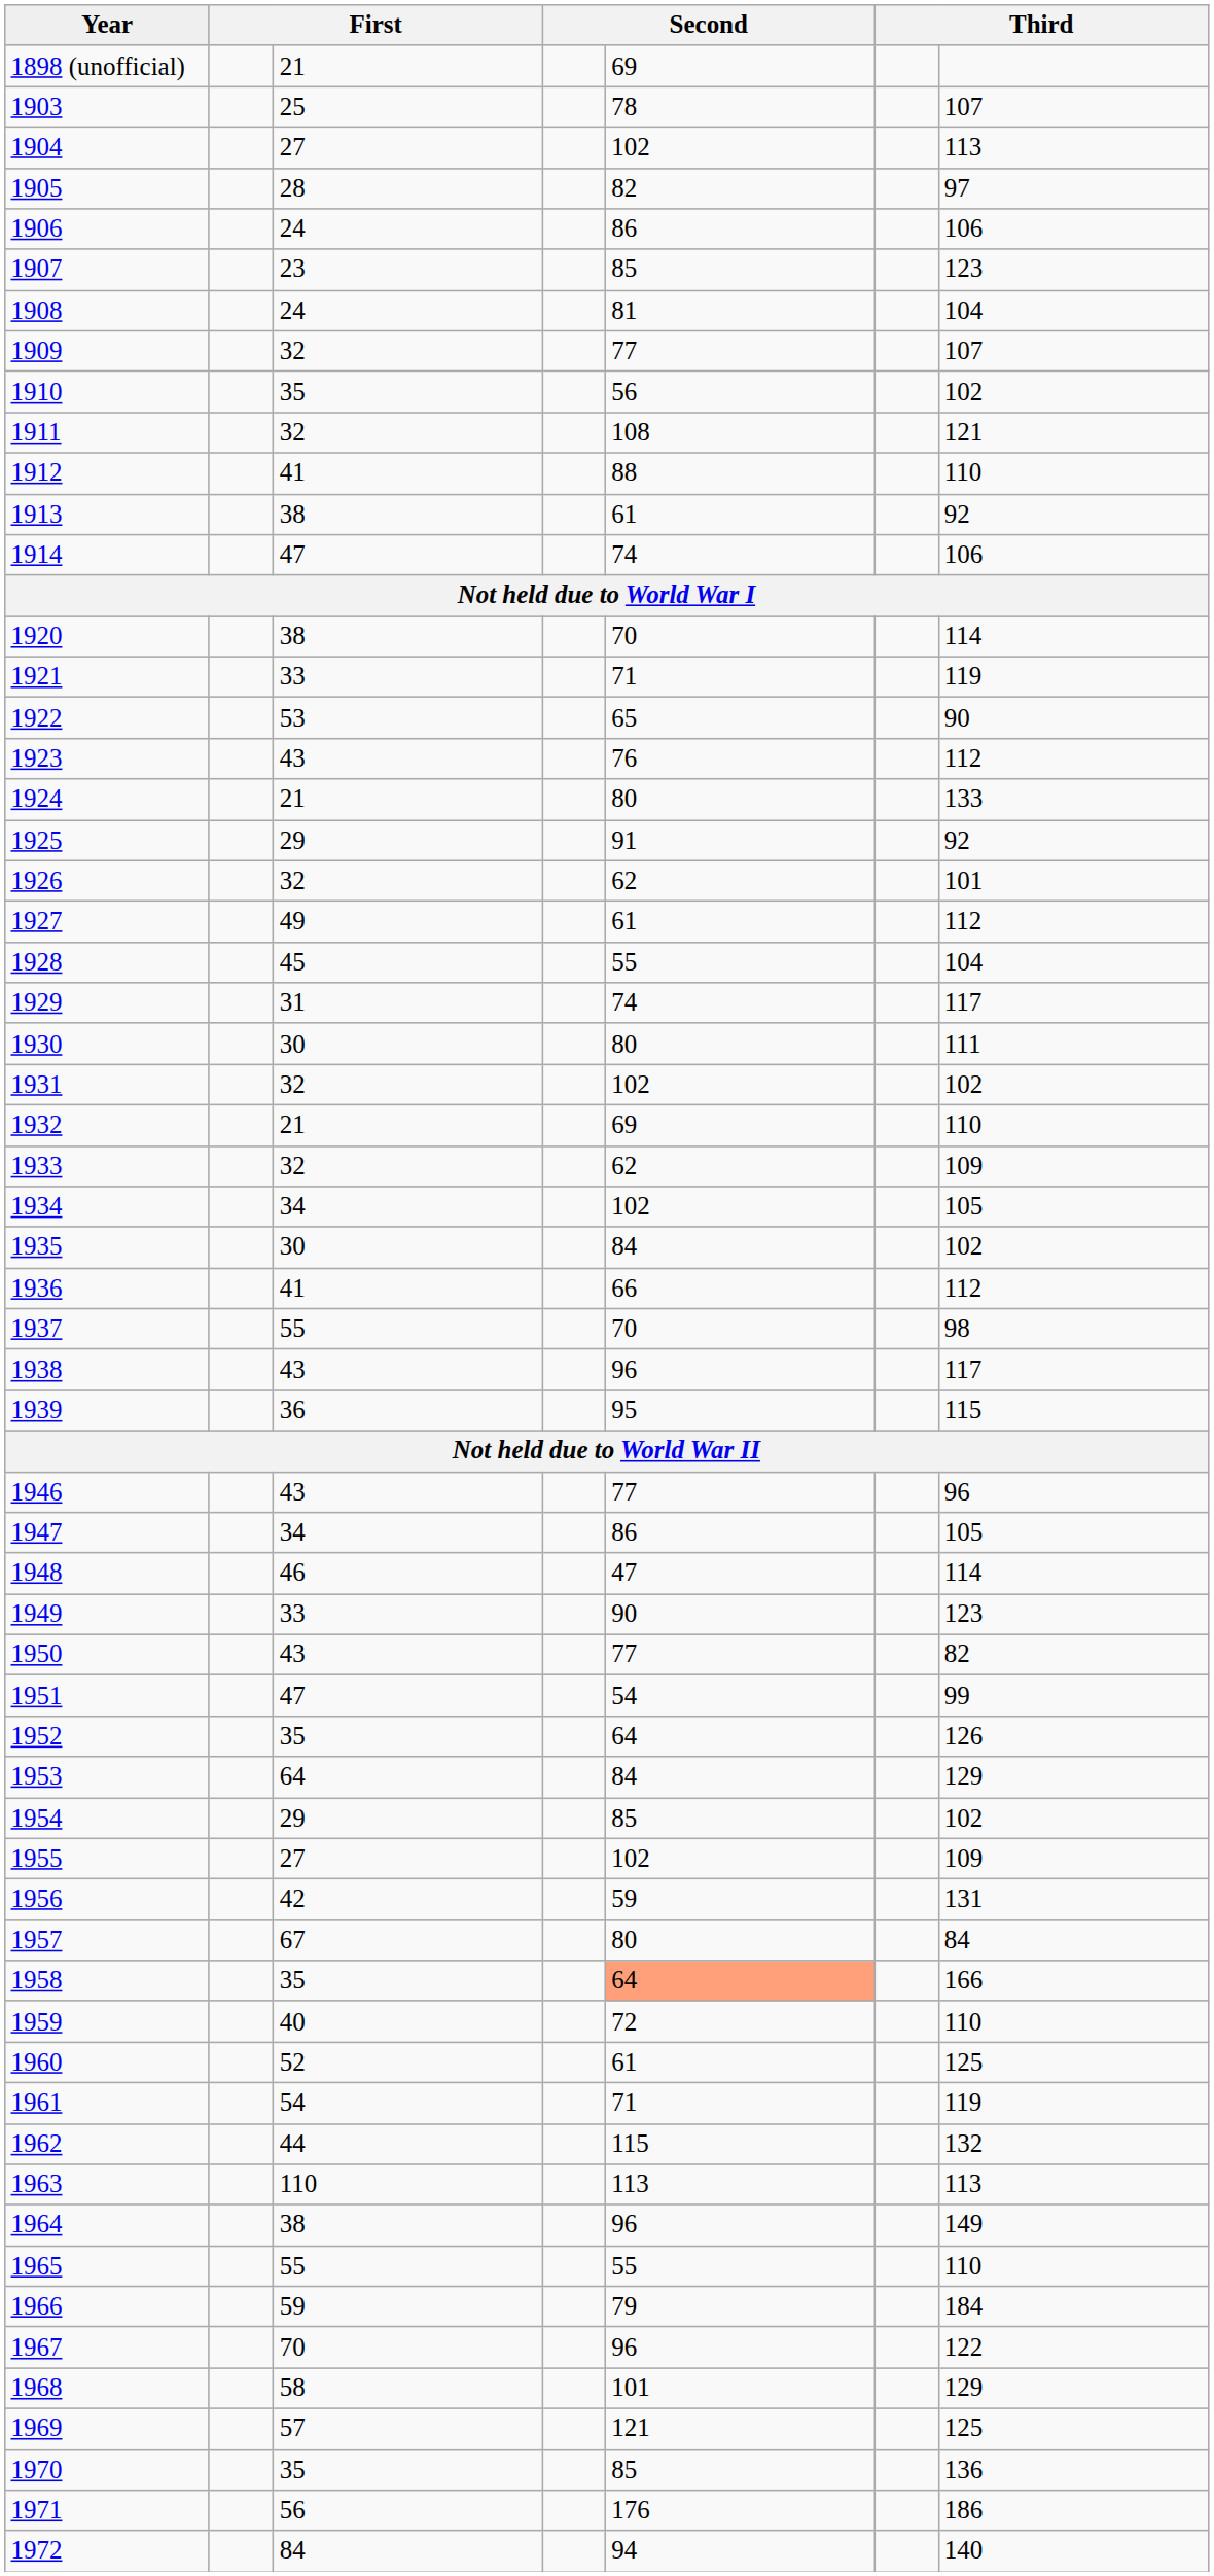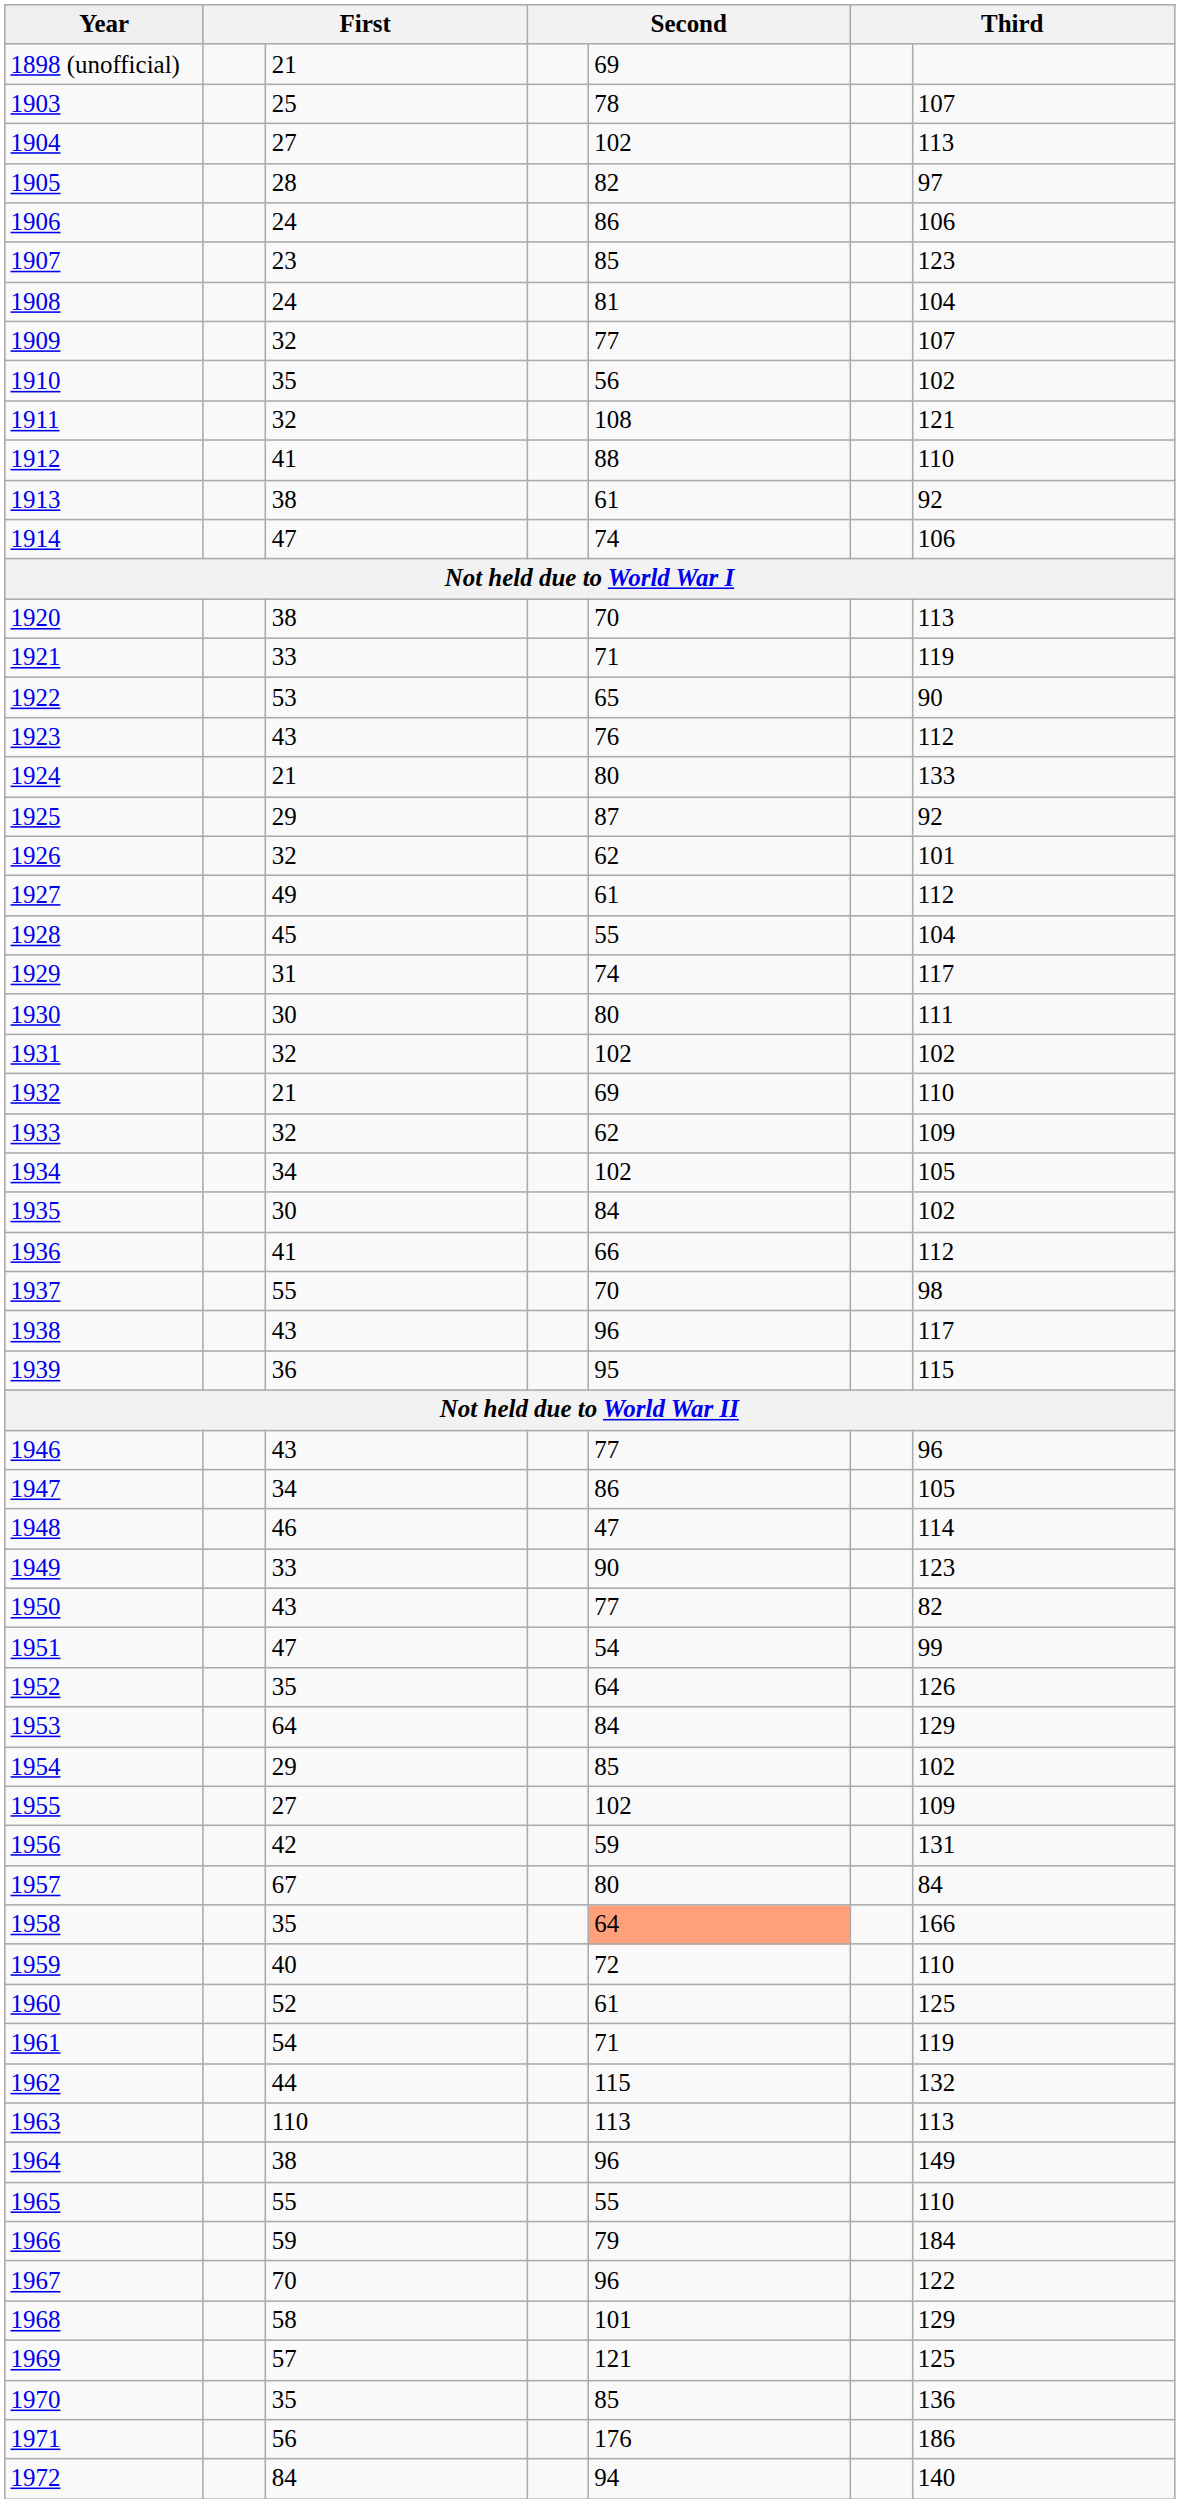 <table class="wikitable" border="1" style="font-size:100%">
 <tr align=center>
 <th scope=col style="width:120px; background: #efefef;">Year</th>
 <th scope=col colspan=2 style="width:200px;"> First</th>
 <th scope=col colspan=2 style="width:200px;"> Second</th>
 <th scope=col colspan=2 style="width:200px;"> Third</th>
 </tr>
 <tr>
 <td><a href='#'>1898</a> (unofficial)</td>
 <td></td>
 <td>21</td>
 <td></td>
 <td>69</td>
 <td></td>
 <td></td>
 </tr>
 <tr>
 <td><a href='#'>1903</a></td>
 <td></td>
 <td>25</td>
 <td></td>
 <td>78</td>
 <td></td>
 <td>107</td>
 </tr>
 <tr>
 <td><a href='#'>1904</a></td>
 <td></td>
 <td>27</td>
 <td></td>
 <td>102</td>
 <td></td>
 <td>113</td>
 </tr>
 <tr>
 <td><a href='#'>1905</a></td>
 <td></td>
 <td>28</td>
 <td></td>
 <td>82</td>
 <td></td>
 <td>97</td>
 </tr>
 <tr>
 <td><a href='#'>1906</a></td>
 <td></td>
 <td>24</td>
 <td></td>
 <td>86</td>
 <td></td>
 <td>106</td>
 </tr>
 <tr>
 <td><a href='#'>1907</a></td>
 <td></td>
 <td>23</td>
 <td></td>
 <td>85</td>
 <td></td>
 <td>123</td>
 </tr>
 <tr>
 <td><a href='#'>1908</a></td>
 <td></td>
 <td>24</td>
 <td></td>
 <td>81</td>
 <td></td>
 <td>104</td>
 </tr>
 <tr>
 <td><a href='#'>1909</a></td>
 <td></td>
 <td>32</td>
 <td></td>
 <td>77</td>
 <td></td>
 <td>107</td>
 </tr>
 <tr>
 <td><a href='#'>1910</a></td>
 <td></td>
 <td>35</td>
 <td></td>
 <td>56</td>
 <td></td>
 <td>102</td>
 </tr>
 <tr>
 <td><a href='#'>1911</a></td>
 <td></td>
 <td>32</td>
 <td></td>
 <td>108</td>
 <td></td>
 <td>121</td>
 </tr>
 <tr>
 <td><a href='#'>1912</a></td>
 <td></td>
 <td>41</td>
 <td></td>
 <td>88</td>
 <td></td>
 <td>110</td>
 </tr>
 <tr>
 <td><a href='#'>1913</a></td>
 <td></td>
 <td>38</td>
 <td></td>
 <td>61</td>
 <td></td>
 <td>92</td>
 </tr>
 <tr>
 <td><a href='#'>1914</a></td>
 <td></td>
 <td>47</td>
 <td></td>
 <td>74</td>
 <td></td>
 <td>106</td>
 </tr>
 <tr>
 <th colspan=7><em>Not held due to <a href='#'>World War I</a></em></th>
 </tr>
 <tr>
 <td><a href='#'>1920</a></td>
 <td></td>
 <td>38</td>
 <td></td>
 <td>70</td>
 <td></td>
-<td>114</td>
+<td>113</td>
 </tr>
 <tr>
 <td><a href='#'>1921</a></td>
 <td></td>
 <td>33</td>
 <td></td>
 <td>71</td>
 <td></td>
 <td>119</td>
 </tr>
 <tr>
 <td><a href='#'>1922</a></td>
 <td></td>
 <td>53</td>
 <td></td>
 <td>65</td>
 <td></td>
 <td>90</td>
 </tr>
 <tr>
 <td><a href='#'>1923</a></td>
 <td></td>
 <td>43</td>
 <td></td>
 <td>76</td>
 <td></td>
 <td>112</td>
 </tr>
 <tr>
 <td><a href='#'>1924</a></td>
 <td></td>
 <td>21</td>
 <td></td>
 <td>80</td>
 <td></td>
 <td>133</td>
 </tr>
 <tr>
 <td><a href='#'>1925</a></td>
 <td></td>
 <td>29</td>
 <td></td>
-<td>91</td>
+<td>87</td>
 <td></td>
 <td>92</td>
 </tr>
 <tr>
 <td><a href='#'>1926</a></td>
 <td></td>
 <td>32</td>
 <td></td>
 <td>62</td>
 <td></td>
 <td>101</td>
 </tr>
 <tr>
 <td><a href='#'>1927</a></td>
 <td></td>
 <td>49</td>
 <td></td>
 <td>61</td>
 <td></td>
 <td>112</td>
 </tr>
 <tr>
 <td><a href='#'>1928</a></td>
 <td></td>
 <td>45</td>
 <td></td>
 <td>55</td>
 <td></td>
 <td>104</td>
 </tr>
 <tr>
 <td><a href='#'>1929</a></td>
 <td></td>
 <td>31</td>
 <td></td>
 <td>74</td>
 <td></td>
 <td>117</td>
 </tr>
 <tr>
 <td><a href='#'>1930</a></td>
 <td></td>
 <td>30</td>
 <td></td>
 <td>80</td>
 <td></td>
 <td>111</td>
 </tr>
 <tr>
 <td><a href='#'>1931</a></td>
 <td></td>
 <td>32</td>
 <td></td>
 <td>102</td>
 <td></td>
 <td>102</td>
 </tr>
 <tr>
 <td><a href='#'>1932</a></td>
 <td></td>
 <td>21</td>
 <td></td>
 <td>69</td>
 <td></td>
 <td>110</td>
 </tr>
 <tr>
 <td><a href='#'>1933</a></td>
 <td></td>
 <td>32</td>
 <td></td>
 <td>62</td>
 <td></td>
 <td>109</td>
 </tr>
 <tr>
 <td><a href='#'>1934</a></td>
 <td></td>
 <td>34</td>
 <td></td>
 <td>102</td>
 <td></td>
 <td>105</td>
 </tr>
 <tr>
 <td><a href='#'>1935</a></td>
 <td></td>
 <td>30</td>
 <td></td>
 <td>84</td>
 <td></td>
 <td>102</td>
 </tr>
 <tr>
 <td><a href='#'>1936</a></td>
 <td></td>
 <td>41</td>
 <td></td>
 <td>66</td>
 <td></td>
 <td>112</td>
 </tr>
 <tr>
 <td><a href='#'>1937</a></td>
 <td></td>
 <td>55</td>
 <td></td>
 <td>70</td>
 <td></td>
 <td>98</td>
 </tr>
 <tr>
 <td><a href='#'>1938</a></td>
 <td></td>
 <td>43</td>
 <td></td>
 <td>96</td>
 <td></td>
 <td>117</td>
 </tr>
 <tr>
 <td><a href='#'>1939</a></td>
 <td></td>
 <td>36</td>
 <td></td>
 <td>95</td>
 <td></td>
 <td>115</td>
 </tr>
 <tr>
 <th colspan=7><em>Not held due to <a href='#'>World War II</a></em></th>
 </tr>
 <tr>
 <td><a href='#'>1946</a></td>
 <td></td>
 <td>43</td>
 <td></td>
 <td>77</td>
 <td></td>
 <td>96</td>
 </tr>
 <tr>
 <td><a href='#'>1947</a></td>
 <td></td>
 <td>34</td>
 <td></td>
 <td>86</td>
 <td></td>
 <td>105</td>
 </tr>
 <tr>
 <td><a href='#'>1948</a></td>
 <td></td>
 <td>46</td>
 <td></td>
 <td>47</td>
 <td></td>
 <td>114</td>
 </tr>
 <tr>
 <td><a href='#'>1949</a></td>
 <td></td>
 <td>33</td>
 <td></td>
 <td>90</td>
 <td></td>
 <td>123</td>
 </tr>
 <tr>
 <td><a href='#'>1950</a></td>
 <td></td>
 <td>43</td>
 <td></td>
 <td>77</td>
 <td></td>
 <td>82</td>
 </tr>
 <tr>
 <td><a href='#'>1951</a></td>
 <td></td>
 <td>47</td>
 <td></td>
 <td>54</td>
 <td></td>
 <td>99</td>
 </tr>
 <tr>
 <td><a href='#'>1952</a></td>
 <td></td>
 <td>35</td>
 <td></td>
 <td>64</td>
 <td></td>
 <td>126</td>
 </tr>
 <tr>
 <td><a href='#'>1953</a></td>
 <td></td>
 <td>64</td>
 <td></td>
 <td>84</td>
 <td></td>
 <td>129</td>
 </tr>
 <tr>
 <td><a href='#'>1954</a></td>
 <td></td>
 <td>29</td>
 <td></td>
 <td>85</td>
 <td></td>
 <td>102</td>
 </tr>
 <tr>
 <td><a href='#'>1955</a></td>
 <td></td>
 <td>27</td>
 <td></td>
 <td>102</td>
 <td></td>
 <td>109</td>
 </tr>
 <tr>
 <td><a href='#'>1956</a></td>
 <td></td>
 <td>42</td>
 <td></td>
 <td>59</td>
 <td></td>
 <td>131</td>
 </tr>
 <tr>
 <td><a href='#'>1957</a></td>
 <td></td>
 <td>67</td>
 <td></td>
 <td>80</td>
 <td></td>
 <td>84</td>
 </tr>
 <tr>
 <td><a href='#'>1958</a></td>
 <td></td>
 <td>35</td>
 <td></td>
 <td style="background: lightsalmon;">64</td>
 <td></td>
 <td>166</td>
 </tr>
 <tr>
 <td><a href='#'>1959</a></td>
 <td></td>
 <td>40</td>
 <td></td>
 <td>72</td>
 <td></td>
 <td>110</td>
 </tr>
 <tr>
 <td><a href='#'>1960</a></td>
 <td></td>
 <td>52</td>
 <td></td>
 <td>61</td>
 <td></td>
 <td>125</td>
 </tr>
 <tr>
 <td><a href='#'>1961</a></td>
 <td></td>
 <td>54</td>
 <td></td>
 <td>71</td>
 <td></td>
 <td>119</td>
 </tr>
 <tr>
 <td><a href='#'>1962</a></td>
 <td></td>
 <td>44</td>
 <td></td>
 <td>115</td>
 <td></td>
 <td>132</td>
 </tr>
 <tr>
 <td><a href='#'>1963</a></td>
 <td></td>
 <td>110</td>
 <td></td>
 <td>113</td>
 <td></td>
 <td>113</td>
 </tr>
 <tr>
 <td><a href='#'>1964</a></td>
 <td></td>
 <td>38</td>
 <td></td>
 <td>96</td>
 <td></td>
 <td>149</td>
 </tr>
 <tr>
 <td><a href='#'>1965</a></td>
 <td></td>
 <td>55</td>
 <td></td>
 <td>55</td>
 <td></td>
 <td>110</td>
 </tr>
 <tr>
 <td><a href='#'>1966</a></td>
 <td></td>
 <td>59</td>
 <td></td>
 <td>79</td>
 <td></td>
 <td>184</td>
 </tr>
 <tr>
 <td><a href='#'>1967</a></td>
 <td></td>
 <td>70</td>
 <td></td>
 <td>96</td>
 <td></td>
 <td>122</td>
 </tr>
 <tr>
 <td><a href='#'>1968</a></td>
 <td></td>
 <td>58</td>
 <td></td>
 <td>101</td>
 <td></td>
 <td>129</td>
 </tr>
 <tr>
 <td><a href='#'>1969</a></td>
 <td></td>
 <td>57</td>
 <td></td>
 <td>121</td>
 <td></td>
 <td>125</td>
 </tr>
 <tr>
 <td><a href='#'>1970</a></td>
 <td></td>
 <td>35</td>
 <td></td>
 <td>85</td>
 <td></td>
 <td>136</td>
 </tr>
 <tr>
 <td><a href='#'>1971</a></td>
 <td></td>
 <td>56</td>
 <td></td>
 <td>176</td>
 <td></td>
 <td>186</td>
 </tr>
 <tr>
 <td><a href='#'>1972</a></td>
 <td></td>
 <td>84</td>
 <td></td>
 <td>94</td>
 <td></td>
 <td>140</td>
 </tr>
 </table>
